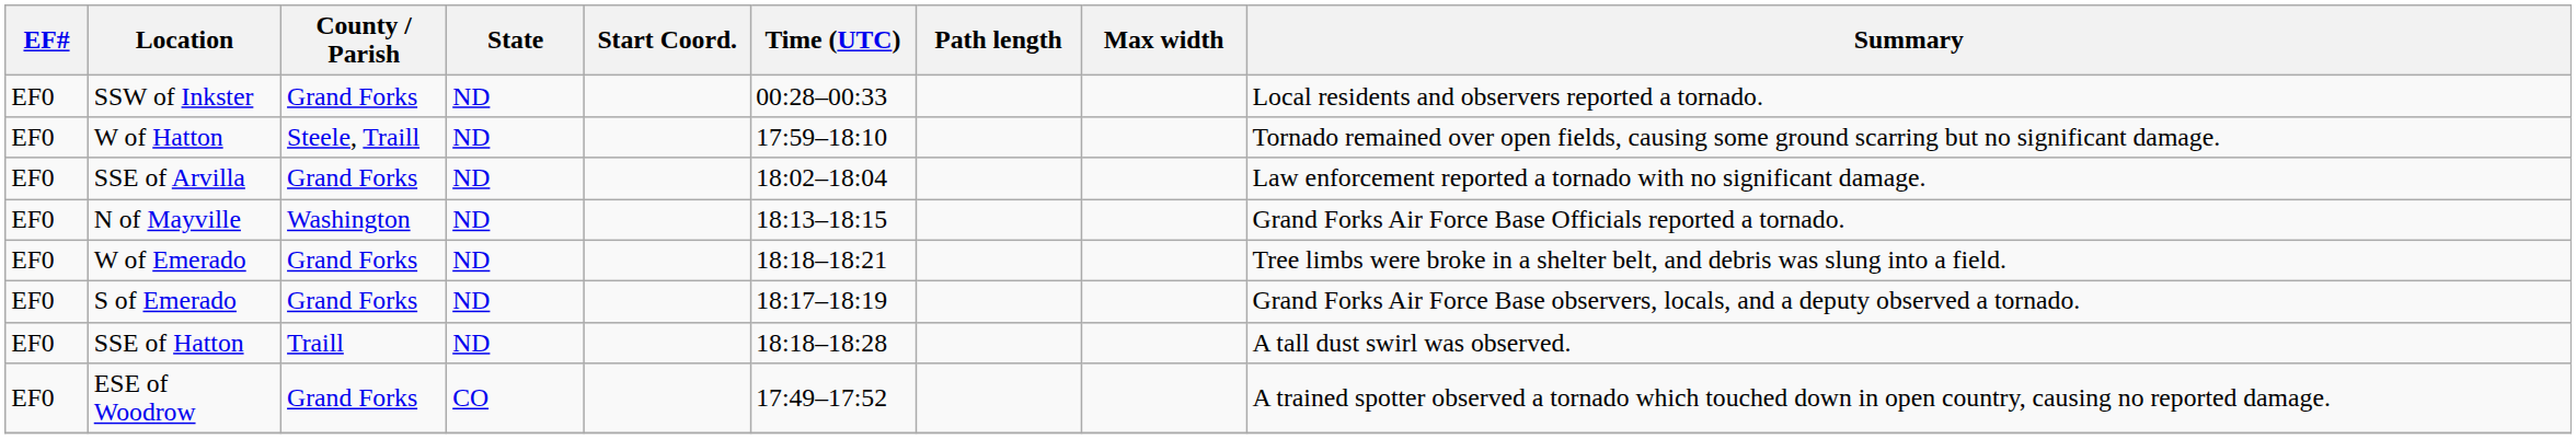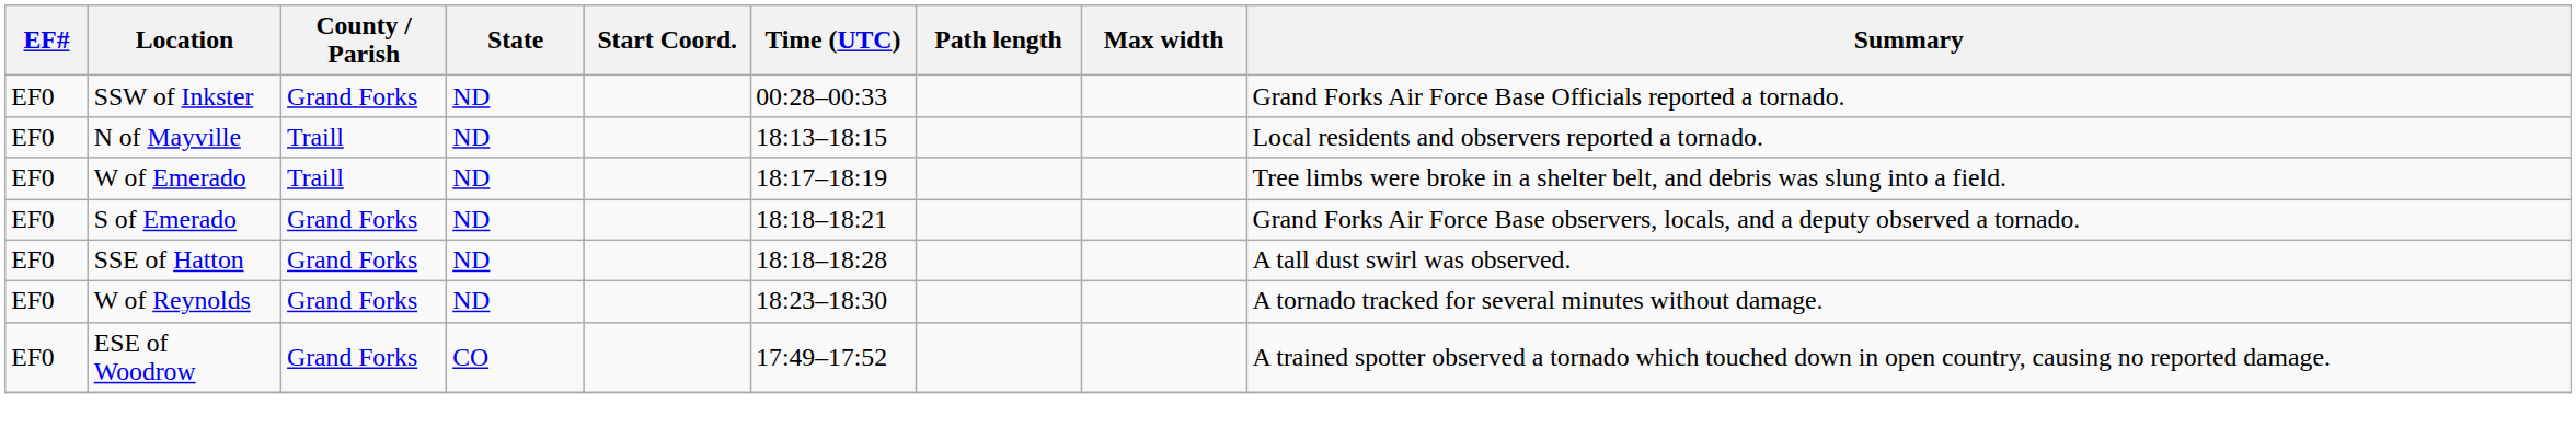 <table class="wikitable sortable" style="width:100%;">
 <tr>
 <th scope="col"  style="width:3%; text-align:center;"><a href='#'>EF#</a></th>
 <th scope="col"  style="width:7%; text-align:center;" class="unsortable">Location</th>
 <th scope="col"  style="width:6%; text-align:center;" class="unsortable">County / Parish</th>
 <th scope="col"  style="width:5%; text-align:center;">State</th>
 <th scope="col"  style="width:6%; text-align:center;">Start Coord.</th>
 <th scope="col"  style="width:6%; text-align:center;">Time (<a href='#'>UTC</a>)</th>
 <th scope="col"  style="width:6%; text-align:center;">Path length</th>
 <th scope="col"  style="width:6%; text-align:center;">Max width</th>
 <th scope="col" class="unsortable" style="width:48%; text-align:center;">Summary</th>
 </tr>
 <tr>
 <td>EF0</td>
 <td>SSW of <a href='#'>Inkster</a></td>
 <td><a href='#'>Grand Forks</a></td>
 <td><a href='#'>ND</a></td>
 <td></td>
 <td>00:28–00:33</td>
 <td></td>
 <td></td>
-<td>Local residents and observers reported a tornado.</td>
-</tr>
-<tr>
-<td>EF0</td>
-<td>W of <a href='#'>Hatton</a></td>
-<td><a href='#'>Steele</a>, <a href='#'>Traill</a></td>
-<td><a href='#'>ND</a></td>
-<td></td>
-<td>17:59–18:10</td>
-<td></td>
-<td></td>
-<td>Tornado remained over open fields, causing some ground scarring but no significant damage.</td>
-</tr>
-<tr>
-<td>EF0</td>
-<td>SSE of <a href='#'>Arvilla</a></td>
-<td><a href='#'>Grand Forks</a></td>
-<td><a href='#'>ND</a></td>
-<td></td>
-<td>18:02–18:04</td>
-<td></td>
-<td></td>
-<td>Law enforcement reported a tornado with no significant damage.</td>
+<td>Grand Forks Air Force Base Officials reported a tornado.</td>
 </tr>
 <tr>
 <td>EF0</td>
 <td>N of <a href='#'>Mayville</a></td>
-<td><a href='#'>Washington</a></td>
+<td><a href='#'>Traill</a></td>
 <td><a href='#'>ND</a></td>
 <td></td>
 <td>18:13–18:15</td>
 <td></td>
 <td></td>
-<td>Grand Forks Air Force Base Officials reported a tornado.</td>
+<td>Local residents and observers reported a tornado.</td>
 </tr>
 <tr>
 <td>EF0</td>
 <td>W of <a href='#'>Emerado</a></td>
-<td><a href='#'>Grand Forks</a></td>
+<td><a href='#'>Traill</a></td>
 <td><a href='#'>ND</a></td>
 <td></td>
-<td>18:18–18:21</td>
+<td>18:17–18:19</td>
 <td></td>
 <td></td>
 <td>Tree limbs were broke in a shelter belt, and debris was slung into a field.</td>
 </tr>
 <tr>
 <td>EF0</td>
 <td>S of <a href='#'>Emerado</a></td>
 <td><a href='#'>Grand Forks</a></td>
 <td><a href='#'>ND</a></td>
 <td></td>
-<td>18:17–18:19</td>
+<td>18:18–18:21</td>
 <td></td>
 <td></td>
 <td>Grand Forks Air Force Base observers, locals, and a deputy observed a tornado.</td>
 </tr>
 <tr>
 <td>EF0</td>
 <td>SSE of <a href='#'>Hatton</a></td>
-<td><a href='#'>Traill</a></td>
+<td><a href='#'>Grand Forks</a></td>
 <td><a href='#'>ND</a></td>
 <td></td>
 <td>18:18–18:28</td>
 <td></td>
 <td></td>
 <td>A tall dust swirl was observed.</td>
+</tr>
+<tr>
+<td>EF0</td>
+<td>W of <a href='#'>Reynolds</a></td>
+<td><a href='#'>Grand Forks</a></td>
+<td><a href='#'>ND</a></td>
+<td></td>
+<td>18:23–18:30</td>
+<td></td>
+<td></td>
+<td>A tornado tracked for several minutes without damage.</td>
 </tr>
 <tr>
 <td>EF0</td>
 <td>ESE of <a href='#'>Woodrow</a></td>
 <td><a href='#'>Grand Forks</a></td>
 <td><a href='#'>CO</a></td>
 <td></td>
 <td>17:49–17:52</td>
 <td></td>
 <td></td>
 <td>A trained spotter observed a tornado which touched down in open country, causing no reported damage.</td>
 </tr>
 <tr>
 </tr>
 </table>
